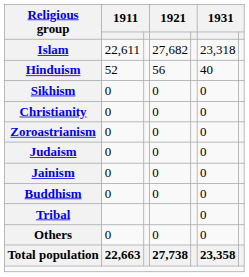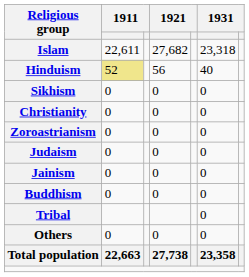 <table class="wikitable sortable">
 <tr>
 <th rowspan="2"><a href='#'>Religious</a><br>group</th>
 <th colspan="2">1911</th>
 <th colspan="2">1921</th>
 <th colspan="2">1931</th>
 </tr>
 <tr>
 <th><a href='#'></a></th>
 <th></th>
 <th></th>
 <th></th>
 <th></th>
 <th></th>
 </tr>
 <tr>
 <th><a href='#'>Islam</a> </th>
 <td>22,611</td>
 <td></td>
 <td>27,682</td>
 <td></td>
 <td>23,318</td>
 <td></td>
 </tr>
 <tr>
 <th><a href='#'>Hinduism</a> </th>
-<td>52</td>
+<td style="background: khaki;">52</td>
 <td></td>
 <td>56</td>
 <td></td>
 <td>40</td>
 <td></td>
 </tr>
 <tr>
 <th><a href='#'>Sikhism</a> </th>
 <td>0</td>
 <td></td>
 <td>0</td>
 <td></td>
 <td>0</td>
 <td></td>
 </tr>
 <tr>
 <th><a href='#'>Christianity</a> </th>
 <td>0</td>
 <td></td>
 <td>0</td>
 <td></td>
 <td>0</td>
 <td></td>
 </tr>
 <tr>
 <th><a href='#'>Zoroastrianism</a> </th>
 <td>0</td>
 <td></td>
 <td>0</td>
 <td></td>
 <td>0</td>
 <td></td>
 </tr>
 <tr>
 <th><a href='#'>Judaism</a> </th>
 <td>0</td>
 <td></td>
 <td>0</td>
 <td></td>
 <td>0</td>
 <td></td>
 </tr>
 <tr>
 <th><a href='#'>Jainism</a> </th>
 <td>0</td>
 <td></td>
 <td>0</td>
 <td></td>
 <td>0</td>
 <td></td>
 </tr>
 <tr>
 <th><a href='#'>Buddhism</a> </th>
 <td>0</td>
 <td></td>
 <td>0</td>
 <td></td>
 <td>0</td>
 <td></td>
 </tr>
 <tr>
 <th><a href='#'>Tribal</a></th>
 <td></td>
 <td></td>
 <td></td>
 <td></td>
 <td>0</td>
 <td></td>
 </tr>
 <tr>
 <th>Others</th>
 <td>0</td>
 <td></td>
 <td>0</td>
 <td></td>
 <td>0</td>
 <td></td>
 </tr>
 <tr>
 <th>Total population</th>
 <th>22,663</th>
 <th></th>
 <th>27,738</th>
 <th></th>
 <th>23,358</th>
 <th></th>
 </tr>
 <tr class="sortbottom">
 <td colspan="11"></td>
 </tr>
 </table>
